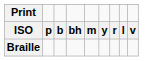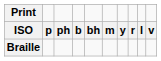 <table class="wikitable">
 <tr>
 <th>Print</th>
+<td></td>
 <td></td>
 <td></td>
 <td></td>
 <td></td>
 <td></td>
 <td></td>
 <td></td>
 <td></td>
 </tr>
 <tr>
 <th>ISO</th>
 <th>p</th>
+<th>ph</th>
 <th>b</th>
 <th>bh</th>
 <th>m</th>
 <th>y</th>
 <th>r</th>
 <th>l</th>
 <th>v</th>
 </tr>
 <tr>
 <th>Braille</th>
 <td></td>
 <td></td>
 <td></td>
 <td></td>
 <td></td>
 <td></td>
 <td></td>
 <td></td>
+<td></td>
 </tr>
 </table>
